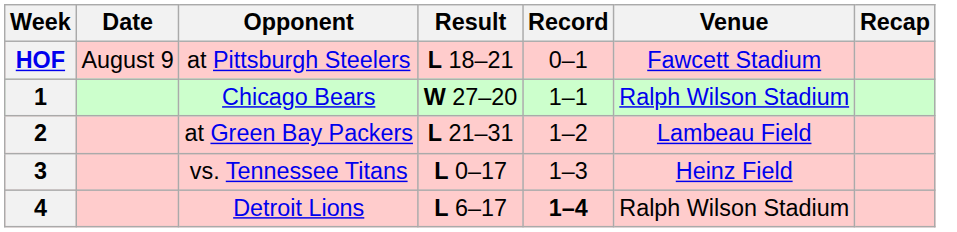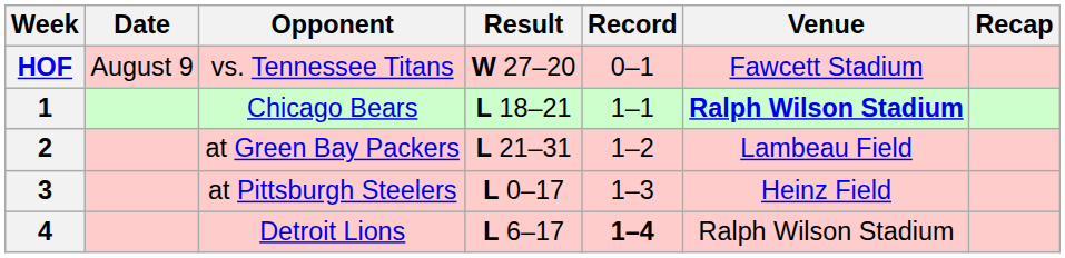 <table class="wikitable" style="text-align:center">
 <tr>
 <th>Week</th>
 <th>Date</th>
 <th>Opponent</th>
 <th>Result</th>
 <th>Record</th>
 <th>Venue</th>
 <th>Recap</th>
 </tr>
 <tr style="background:#fcc">
 <th><a href='#'>HOF</a></th>
 <td>August 9</td>
-<td>at <a href='#'>Pittsburgh Steelers</a></td>
-<td><strong>L</strong> 18–21</td>
+<td>vs. <a href='#'>Tennessee Titans</a></td>
+<td><strong>W</strong> 27–20</td>
 <td>0–1</td>
 <td><a href='#'>Fawcett Stadium</a> </td>
 <td></td>
 </tr>
 <tr style="background:#cfc">
 <th>1</th>
 <td></td>
 <td><a href='#'>Chicago Bears</a></td>
-<td><strong>W</strong> 27–20</td>
+<td><strong>L</strong> 18–21</td>
 <td>1–1</td>
-<td><a href='#'>Ralph Wilson Stadium</a></td>
+<td><strong><a href='#'>Ralph Wilson Stadium</a></strong></td>
 <td></td>
 </tr>
 <tr style="background:#fcc">
 <th>2</th>
 <td></td>
 <td>at <a href='#'>Green Bay Packers</a></td>
 <td><strong>L</strong> 21–31</td>
 <td>1–2</td>
 <td><a href='#'>Lambeau Field</a></td>
 <td></td>
 </tr>
 <tr style="background:#fcc">
 <th>3</th>
 <td></td>
-<td>vs. <a href='#'>Tennessee Titans</a></td>
+<td>at <a href='#'>Pittsburgh Steelers</a></td>
 <td><strong>L</strong> 0–17</td>
 <td>1–3</td>
 <td><a href='#'>Heinz Field</a></td>
 <td></td>
 </tr>
 <tr style="background:#fcc">
 <th>4</th>
 <td></td>
 <td><a href='#'>Detroit Lions</a></td>
 <td><strong>L</strong> 6–17</td>
 <td><strong>1–4</strong></td>
 <td>Ralph Wilson Stadium</td>
 <td></td>
 </tr>
 </table>
